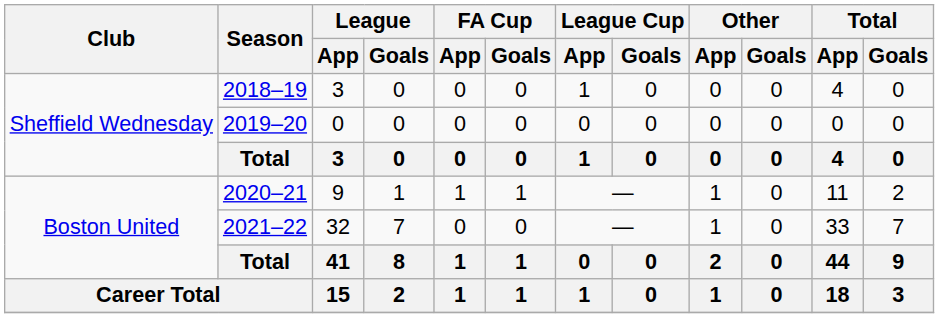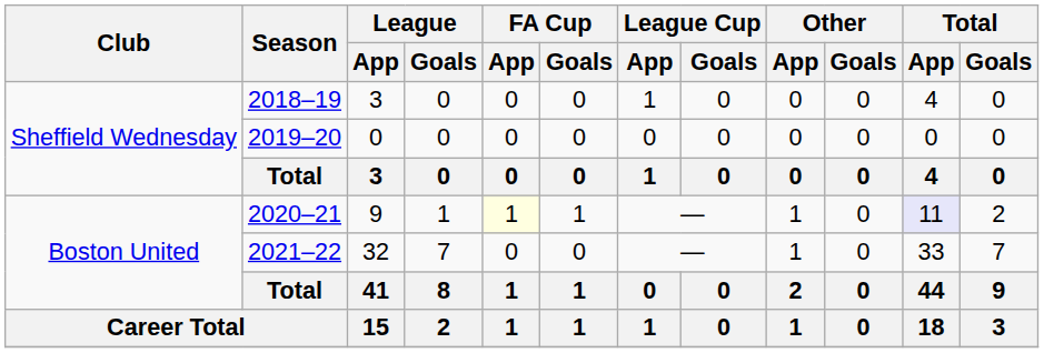 <table class="wikitable" style="text-align: center;">
 <tr>
 <th rowspan=2>Club</th>
 <th rowspan=2>Season</th>
 <th colspan=2>League</th>
 <th colspan=2>FA Cup</th>
 <th colspan=2>League Cup</th>
 <th colspan=2>Other</th>
 <th colspan=2>Total</th>
 </tr>
 <tr>
 <th>App</th>
 <th>Goals</th>
 <th>App</th>
 <th>Goals</th>
 <th>App</th>
 <th>Goals</th>
 <th>App</th>
 <th>Goals</th>
 <th>App</th>
 <th>Goals</th>
 </tr>
 <tr>
 <td rowspan="3" align="center"><a href='#'>Sheffield Wednesday</a></td>
 <td><a href='#'>2018–19</a></td>
 <td>3</td>
 <td>0</td>
 <td>0</td>
 <td>0</td>
 <td>1</td>
 <td>0</td>
 <td>0</td>
 <td>0</td>
 <td>4</td>
 <td>0</td>
 </tr>
 <tr>
 <td><a href='#'>2019–20</a></td>
 <td>0</td>
 <td>0</td>
 <td>0</td>
 <td>0</td>
 <td>0</td>
 <td>0</td>
 <td>0</td>
 <td>0</td>
 <td>0</td>
 <td>0</td>
 </tr>
 <tr>
 <th colspan=1>Total</th>
 <th>3</th>
 <th>0</th>
 <th>0</th>
 <th>0</th>
 <th>1</th>
 <th>0</th>
 <th>0</th>
 <th>0</th>
 <th>4</th>
 <th>0</th>
 </tr>
 <tr>
 <td rowspan="3" align="center"><a href='#'>Boston United</a></td>
 <td><a href='#'>2020–21</a></td>
 <td>9</td>
 <td>1</td>
-<td>1</td>
+<td style="background: lightyellow;">1</td>
 <td>1</td>
 <td colspan="2">—</td>
 <td>1</td>
 <td>0</td>
-<td>11</td>
+<td style="background: lavender;">11</td>
 <td>2</td>
 </tr>
 <tr>
 <td><a href='#'>2021–22</a></td>
 <td>32</td>
 <td>7</td>
 <td>0</td>
 <td>0</td>
 <td colspan="2">—</td>
 <td>1</td>
 <td>0</td>
 <td>33</td>
 <td>7</td>
 </tr>
 <tr>
 <th colspan=1>Total</th>
 <th>41</th>
 <th>8</th>
 <th>1</th>
 <th>1</th>
 <th>0</th>
 <th>0</th>
 <th>2</th>
 <th>0</th>
 <th>44</th>
 <th>9</th>
 </tr>
 <tr>
 <th colspan=2>Career Total</th>
 <th>15</th>
 <th>2</th>
 <th>1</th>
 <th>1</th>
 <th>1</th>
 <th>0</th>
 <th>1</th>
 <th>0</th>
 <th>18</th>
 <th>3</th>
 </tr>
 <tr>
 </tr>
 </table>
